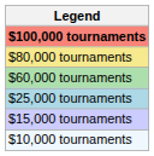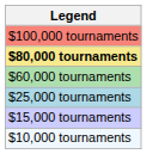 <table class=wikitable style=font-size:85%>
 <tr>
 <th>Legend</th>
 </tr>
 <tr style="background:#f88379;">
-<td><strong>$100,000 tournaments</strong></td>
+<td>$100,000 tournaments</td>
 </tr>
 <tr style="background:#f7e98e;">
-<td>$80,000 tournaments</td>
+<td><strong>$80,000 tournaments</strong></td>
 </tr>
 <tr style="background:#addfad;">
 <td>$60,000 tournaments</td>
 </tr>
 <tr style="background:lightblue;">
 <td>$25,000 tournaments</td>
 </tr>
 <tr style="background:#ccccff;">
 <td>$15,000 tournaments</td>
 </tr>
 <tr style="background:#f0f8ff;">
 <td>$10,000 tournaments</td>
 </tr>
 </table>
